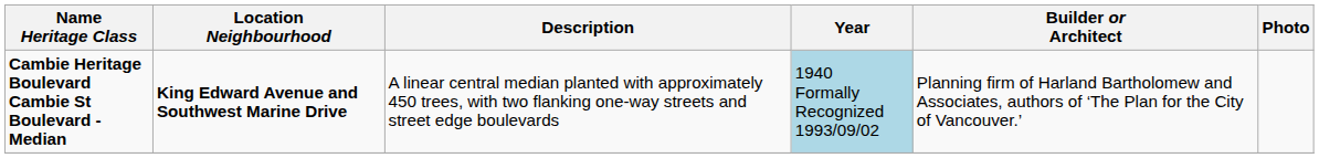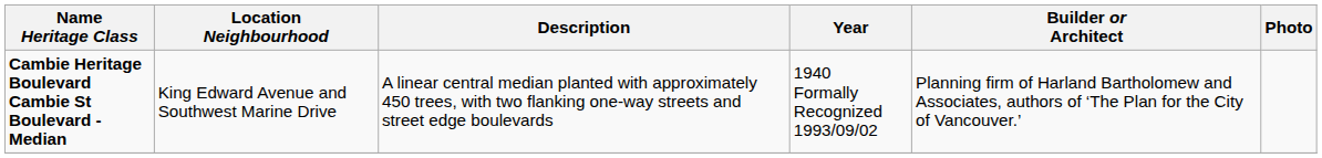 <table class="wikitable sortable">
 <tr>
 <th>Name<br><em>Heritage Class</em></th>
 <th>Location<br><em>Neighbourhood</em></th>
 <th>Description</th>
 <th>Year</th>
 <th>Builder <em>or</em><br>Architect </th>
 <th>Photo</th>
 </tr>
 <tr>
 <td><strong>Cambie Heritage Boulevard</strong><br><strong>Cambie St Boulevard - Median</strong></td>
-<td><strong>King Edward Avenue and Southwest Marine Drive</strong></td>
+<td>King Edward Avenue and Southwest Marine Drive</td>
 <td>A linear central median planted with approximately 450 trees, with two flanking one-way streets and street edge boulevards</td>
-<td style="background: lightblue;">1940<br>Formally Recognized<br>1993/09/02</td>
+<td>1940<br>Formally Recognized<br>1993/09/02</td>
 <td>Planning firm of Harland Bartholomew and Associates, authors of ‘The Plan for the City of Vancouver.’</td>
 <td></td>
 </tr>
 <tr>
 </tr>
 </table>
